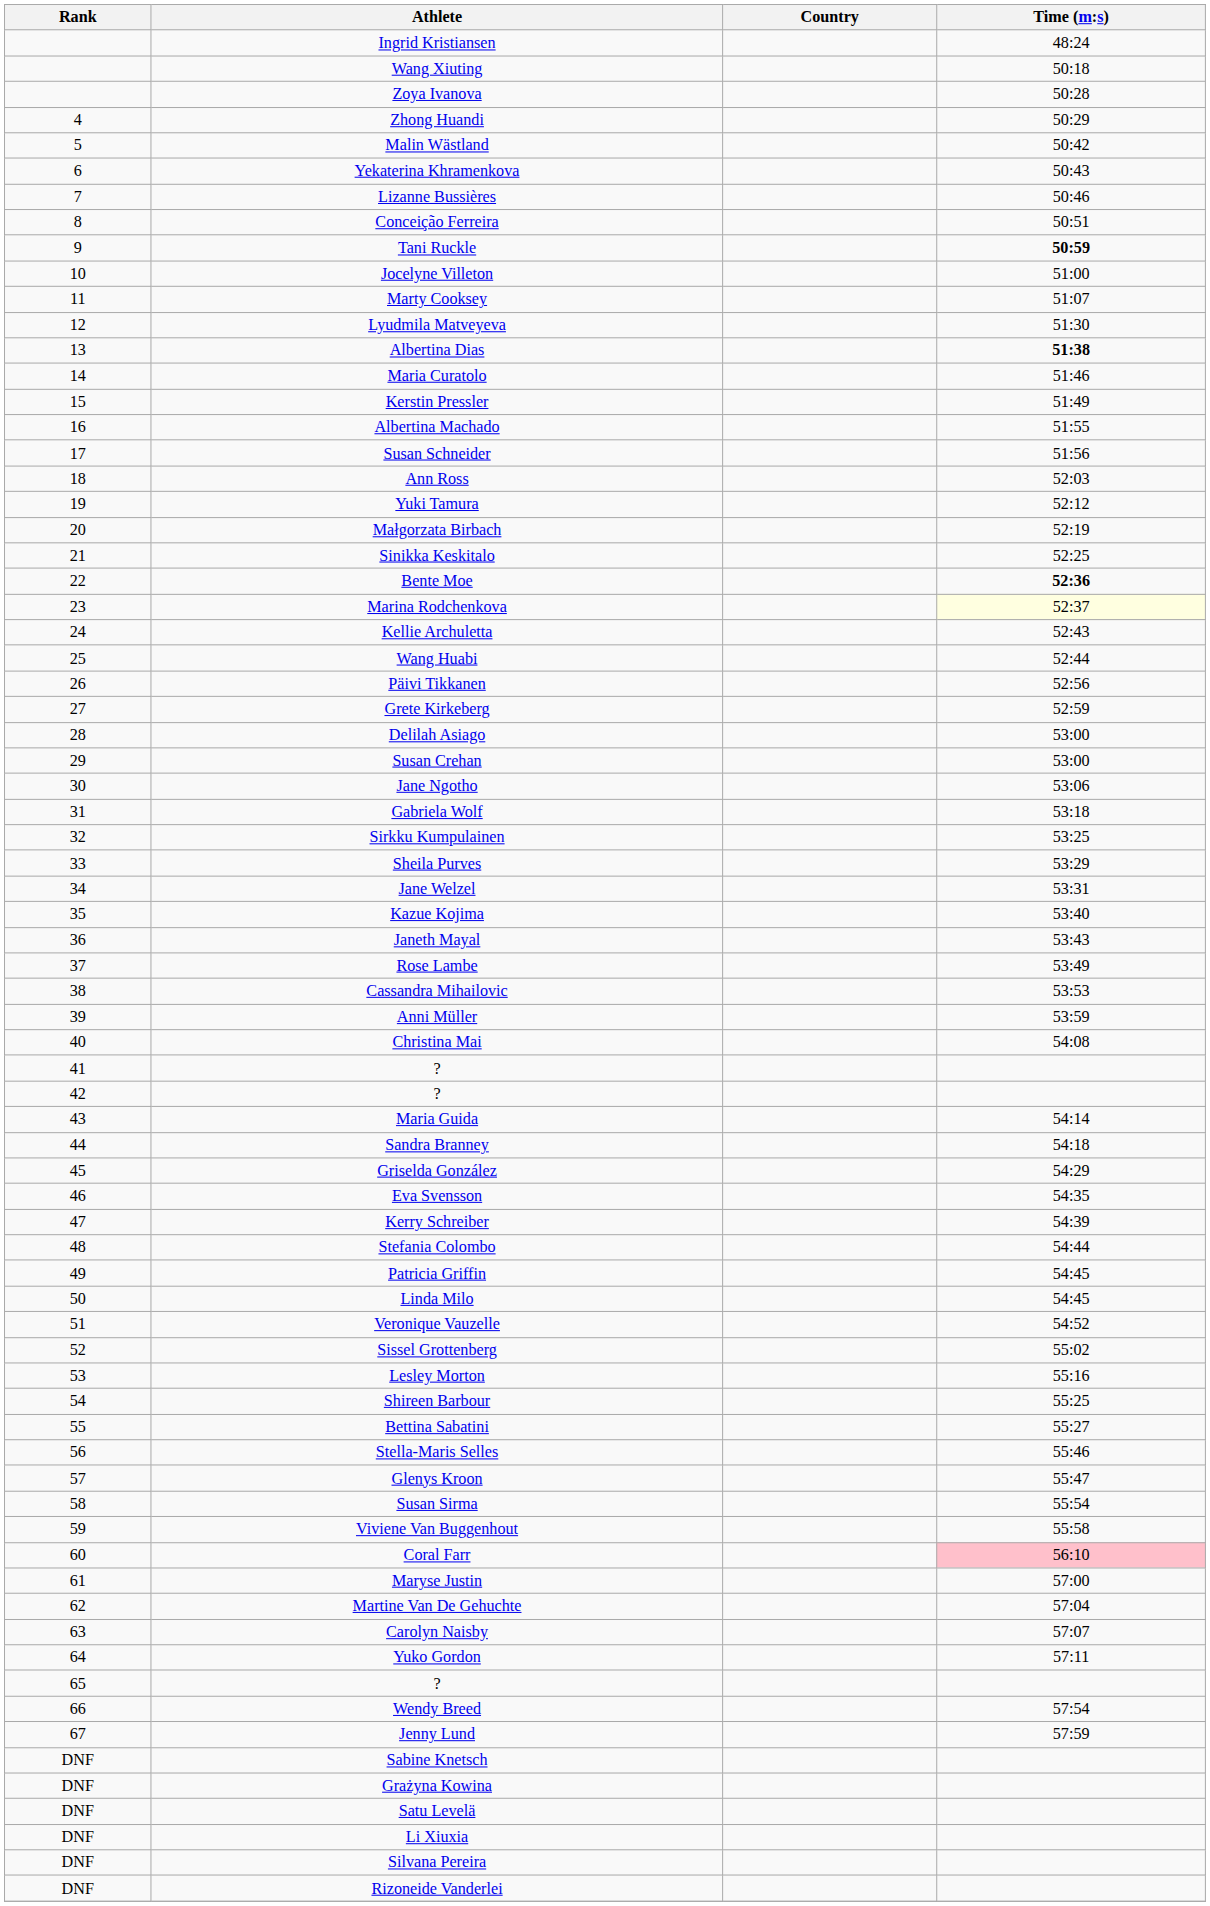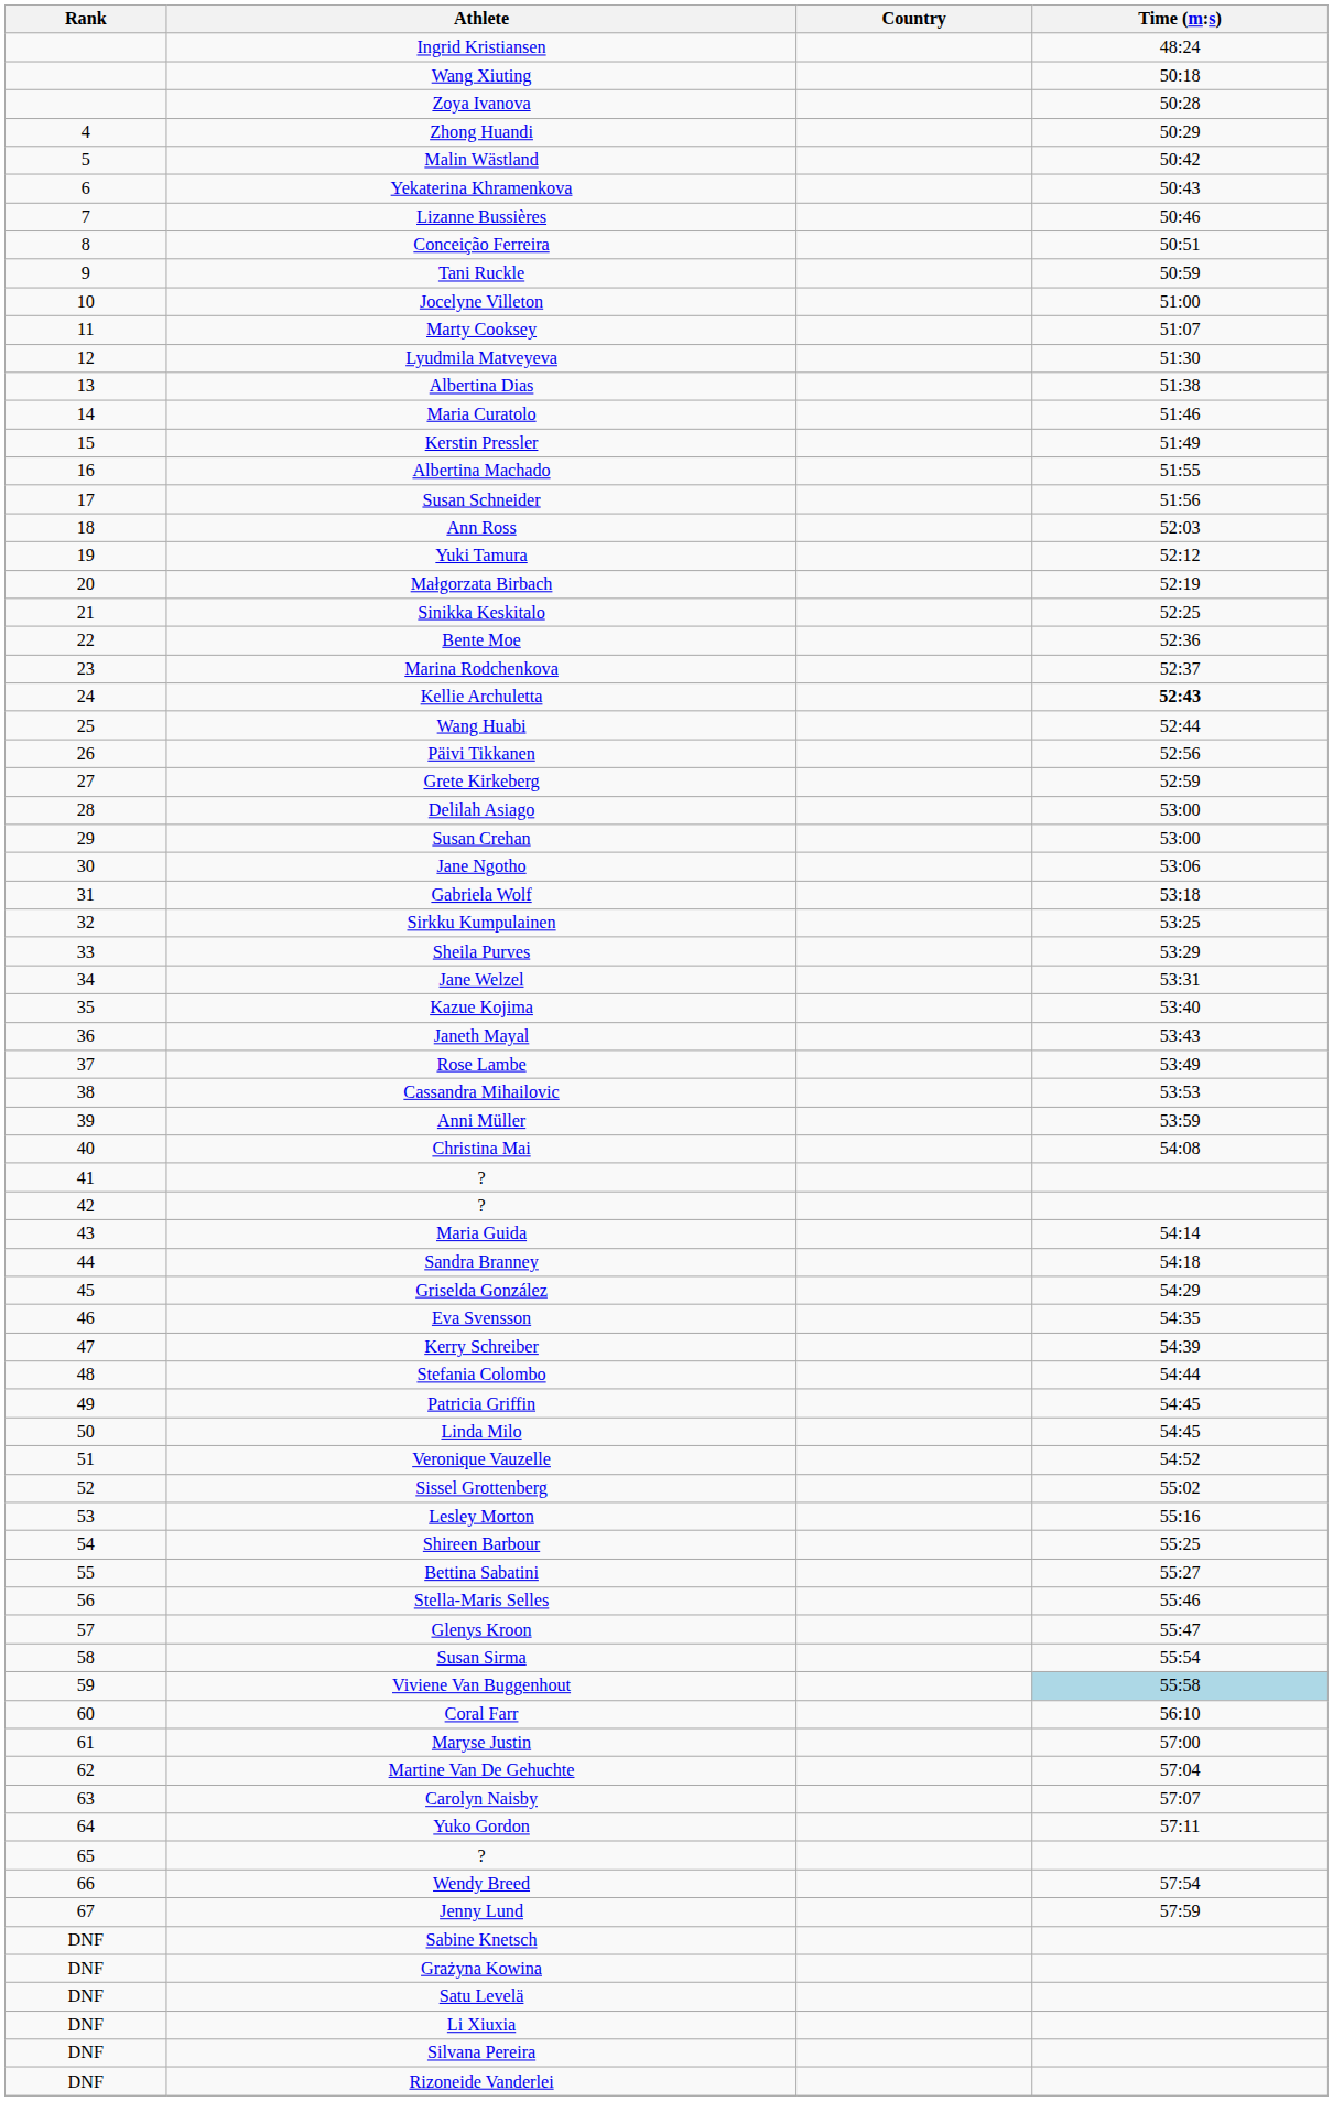 <table class="wikitable sortable" style="text-align:center;" width="60%">
 <tr>
 <th>Rank</th>
 <th>Athlete</th>
 <th>Country</th>
 <th>Time (<a href='#'>m</a>:<a href='#'>s</a>)</th>
 </tr>
 <tr>
 <td></td>
 <td><a href='#'>Ingrid Kristiansen</a></td>
 <td align=left></td>
 <td>48:24</td>
 </tr>
 <tr>
 <td></td>
 <td><a href='#'>Wang Xiuting</a></td>
 <td align=left></td>
 <td>50:18</td>
 </tr>
 <tr>
 <td></td>
 <td><a href='#'>Zoya Ivanova</a></td>
 <td align=left></td>
 <td>50:28</td>
 </tr>
 <tr>
 <td>4</td>
 <td><a href='#'>Zhong Huandi</a></td>
 <td align=left></td>
 <td>50:29</td>
 </tr>
 <tr>
 <td>5</td>
 <td><a href='#'>Malin Wästland</a></td>
 <td align=left></td>
 <td>50:42</td>
 </tr>
 <tr>
 <td>6</td>
 <td><a href='#'>Yekaterina Khramenkova</a></td>
 <td align=left></td>
 <td>50:43</td>
 </tr>
 <tr>
 <td>7</td>
 <td><a href='#'>Lizanne Bussières</a></td>
 <td align=left></td>
 <td>50:46</td>
 </tr>
 <tr>
 <td>8</td>
 <td><a href='#'>Conceição Ferreira</a></td>
 <td align=left></td>
 <td>50:51</td>
 </tr>
 <tr>
 <td>9</td>
 <td><a href='#'>Tani Ruckle</a></td>
 <td align=left></td>
-<td><strong>50:59</strong></td>
+<td>50:59</td>
 </tr>
 <tr>
 <td>10</td>
 <td><a href='#'>Jocelyne Villeton</a></td>
 <td align=left></td>
 <td>51:00</td>
 </tr>
 <tr>
 <td>11</td>
 <td><a href='#'>Marty Cooksey</a></td>
 <td align=left></td>
 <td>51:07</td>
 </tr>
 <tr>
 <td>12</td>
 <td><a href='#'>Lyudmila Matveyeva</a></td>
 <td align=left></td>
 <td>51:30</td>
 </tr>
 <tr>
 <td>13</td>
 <td><a href='#'>Albertina Dias</a></td>
 <td align=left></td>
-<td><strong>51:38</strong></td>
+<td>51:38</td>
 </tr>
 <tr>
 <td>14</td>
 <td><a href='#'>Maria Curatolo</a></td>
 <td align=left></td>
 <td>51:46</td>
 </tr>
 <tr>
 <td>15</td>
 <td><a href='#'>Kerstin Pressler</a></td>
 <td align=left></td>
 <td>51:49</td>
 </tr>
 <tr>
 <td>16</td>
 <td><a href='#'>Albertina Machado</a></td>
 <td align=left></td>
 <td>51:55</td>
 </tr>
 <tr>
 <td>17</td>
 <td><a href='#'>Susan Schneider</a></td>
 <td align=left></td>
 <td>51:56</td>
 </tr>
 <tr>
 <td>18</td>
 <td><a href='#'>Ann Ross</a></td>
 <td align=left></td>
 <td>52:03</td>
 </tr>
 <tr>
 <td>19</td>
 <td><a href='#'>Yuki Tamura</a></td>
 <td align=left></td>
 <td>52:12</td>
 </tr>
 <tr>
 <td>20</td>
 <td><a href='#'>Małgorzata Birbach</a></td>
 <td align=left></td>
 <td>52:19</td>
 </tr>
 <tr>
 <td>21</td>
 <td><a href='#'>Sinikka Keskitalo</a></td>
 <td align=left></td>
 <td>52:25</td>
 </tr>
 <tr>
 <td>22</td>
 <td><a href='#'>Bente Moe</a></td>
 <td align=left></td>
-<td><strong>52:36</strong></td>
+<td>52:36</td>
 </tr>
 <tr>
 <td>23</td>
 <td><a href='#'>Marina Rodchenkova</a></td>
 <td align=left></td>
-<td style="background: lightyellow;">52:37</td>
+<td>52:37</td>
 </tr>
 <tr>
 <td>24</td>
 <td><a href='#'>Kellie Archuletta</a></td>
 <td align=left></td>
-<td>52:43</td>
+<td><strong>52:43</strong></td>
 </tr>
 <tr>
 <td>25</td>
 <td><a href='#'>Wang Huabi</a></td>
 <td align=left></td>
 <td>52:44</td>
 </tr>
 <tr>
 <td>26</td>
 <td><a href='#'>Päivi Tikkanen</a></td>
 <td align=left></td>
 <td>52:56</td>
 </tr>
 <tr>
 <td>27</td>
 <td><a href='#'>Grete Kirkeberg</a></td>
 <td align=left></td>
 <td>52:59</td>
 </tr>
 <tr>
 <td>28</td>
 <td><a href='#'>Delilah Asiago</a></td>
 <td align=left></td>
 <td>53:00</td>
 </tr>
 <tr>
 <td>29</td>
 <td><a href='#'>Susan Crehan</a></td>
 <td align=left></td>
 <td>53:00</td>
 </tr>
 <tr>
 <td>30</td>
 <td><a href='#'>Jane Ngotho</a></td>
 <td align=left></td>
 <td>53:06</td>
 </tr>
 <tr>
 <td>31</td>
 <td><a href='#'>Gabriela Wolf</a></td>
 <td align=left></td>
 <td>53:18</td>
 </tr>
 <tr>
 <td>32</td>
 <td><a href='#'>Sirkku Kumpulainen</a></td>
 <td align=left></td>
 <td>53:25</td>
 </tr>
 <tr>
 <td>33</td>
 <td><a href='#'>Sheila Purves</a></td>
 <td align=left></td>
 <td>53:29</td>
 </tr>
 <tr>
 <td>34</td>
 <td><a href='#'>Jane Welzel</a></td>
 <td align=left></td>
 <td>53:31</td>
 </tr>
 <tr>
 <td>35</td>
 <td><a href='#'>Kazue Kojima</a></td>
 <td align=left></td>
 <td>53:40</td>
 </tr>
 <tr>
 <td>36</td>
 <td><a href='#'>Janeth Mayal</a></td>
 <td align=left></td>
 <td>53:43</td>
 </tr>
 <tr>
 <td>37</td>
 <td><a href='#'>Rose Lambe</a></td>
 <td align=left></td>
 <td>53:49</td>
 </tr>
 <tr>
 <td>38</td>
 <td><a href='#'>Cassandra Mihailovic</a></td>
 <td align=left></td>
 <td>53:53</td>
 </tr>
 <tr>
 <td>39</td>
 <td><a href='#'>Anni Müller</a></td>
 <td align=left></td>
 <td>53:59</td>
 </tr>
 <tr>
 <td>40</td>
 <td><a href='#'>Christina Mai</a></td>
 <td align=left></td>
 <td>54:08</td>
 </tr>
 <tr>
 <td>41</td>
 <td>?</td>
 <td></td>
 <td></td>
 </tr>
 <tr>
 <td>42</td>
 <td>?</td>
 <td></td>
 <td></td>
 </tr>
 <tr>
 <td>43</td>
 <td><a href='#'>Maria Guida</a></td>
 <td align=left></td>
 <td>54:14</td>
 </tr>
 <tr>
 <td>44</td>
 <td><a href='#'>Sandra Branney</a></td>
 <td align=left></td>
 <td>54:18</td>
 </tr>
 <tr>
 <td>45</td>
 <td><a href='#'>Griselda González</a></td>
 <td align=left></td>
 <td>54:29</td>
 </tr>
 <tr>
 <td>46</td>
 <td><a href='#'>Eva Svensson</a></td>
 <td align=left></td>
 <td>54:35</td>
 </tr>
 <tr>
 <td>47</td>
 <td><a href='#'>Kerry Schreiber</a></td>
 <td align=left></td>
 <td>54:39</td>
 </tr>
 <tr>
 <td>48</td>
 <td><a href='#'>Stefania Colombo</a></td>
 <td align=left></td>
 <td>54:44</td>
 </tr>
 <tr>
 <td>49</td>
 <td><a href='#'>Patricia Griffin</a></td>
 <td align=left></td>
 <td>54:45</td>
 </tr>
 <tr>
 <td>50</td>
 <td><a href='#'>Linda Milo</a></td>
 <td align=left></td>
 <td>54:45</td>
 </tr>
 <tr>
 <td>51</td>
 <td><a href='#'>Veronique Vauzelle</a></td>
 <td align=left></td>
 <td>54:52</td>
 </tr>
 <tr>
 <td>52</td>
 <td><a href='#'>Sissel Grottenberg</a></td>
 <td align=left></td>
 <td>55:02</td>
 </tr>
 <tr>
 <td>53</td>
 <td><a href='#'>Lesley Morton</a></td>
 <td align=left></td>
 <td>55:16</td>
 </tr>
 <tr>
 <td>54</td>
 <td><a href='#'>Shireen Barbour</a></td>
 <td align=left></td>
 <td>55:25</td>
 </tr>
 <tr>
 <td>55</td>
 <td><a href='#'>Bettina Sabatini</a></td>
 <td align=left></td>
 <td>55:27</td>
 </tr>
 <tr>
 <td>56</td>
 <td><a href='#'>Stella-Maris Selles</a></td>
 <td align=left></td>
 <td>55:46</td>
 </tr>
 <tr>
 <td>57</td>
 <td><a href='#'>Glenys Kroon</a></td>
 <td align=left></td>
 <td>55:47</td>
 </tr>
 <tr>
 <td>58</td>
 <td><a href='#'>Susan Sirma</a></td>
 <td align=left></td>
 <td>55:54</td>
 </tr>
 <tr>
 <td>59</td>
 <td><a href='#'>Viviene Van Buggenhout</a></td>
 <td align=left></td>
-<td>55:58</td>
+<td style="background: lightblue;">55:58</td>
 </tr>
 <tr>
 <td>60</td>
 <td><a href='#'>Coral Farr</a></td>
 <td align=left></td>
-<td style="background: pink;">56:10</td>
+<td>56:10</td>
 </tr>
 <tr>
 <td>61</td>
 <td><a href='#'>Maryse Justin</a></td>
 <td align=left></td>
 <td>57:00</td>
 </tr>
 <tr>
 <td>62</td>
 <td><a href='#'>Martine Van De Gehuchte</a></td>
 <td align=left></td>
 <td>57:04</td>
 </tr>
 <tr>
 <td>63</td>
 <td><a href='#'>Carolyn Naisby</a></td>
 <td align=left></td>
 <td>57:07</td>
 </tr>
 <tr>
 <td>64</td>
 <td><a href='#'>Yuko Gordon</a></td>
 <td align=left></td>
 <td>57:11</td>
 </tr>
 <tr>
 <td>65</td>
 <td>?</td>
 <td></td>
 <td></td>
 </tr>
 <tr>
 <td>66</td>
 <td><a href='#'>Wendy Breed</a></td>
 <td align=left></td>
 <td>57:54</td>
 </tr>
 <tr>
 <td>67</td>
 <td><a href='#'>Jenny Lund</a></td>
 <td align=left></td>
 <td>57:59</td>
 </tr>
 <tr>
 <td>DNF</td>
 <td><a href='#'>Sabine Knetsch</a></td>
 <td align=left></td>
 <td></td>
 </tr>
 <tr>
 <td>DNF</td>
 <td><a href='#'>Grażyna Kowina</a></td>
 <td align=left></td>
 <td></td>
 </tr>
 <tr>
 <td>DNF</td>
 <td><a href='#'>Satu Levelä</a></td>
 <td align=left></td>
 <td></td>
 </tr>
 <tr>
 <td>DNF</td>
 <td><a href='#'>Li Xiuxia</a></td>
 <td align=left></td>
 <td></td>
 </tr>
 <tr>
 <td>DNF</td>
 <td><a href='#'>Silvana Pereira</a></td>
 <td align=left></td>
 <td></td>
 </tr>
 <tr>
 <td>DNF</td>
 <td><a href='#'>Rizoneide Vanderlei</a></td>
 <td align=left></td>
 <td></td>
 </tr>
 <tr>
 </tr>
 </table>
